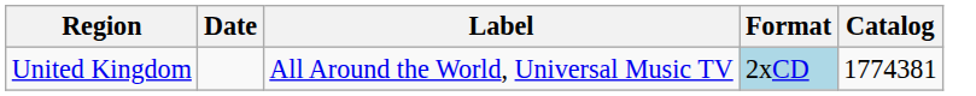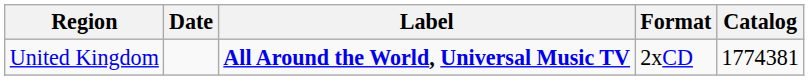 <table class="wikitable">
 <tr>
 <th><strong>Region</strong></th>
 <th><strong>Date</strong></th>
 <th><strong>Label</strong></th>
 <th><strong>Format</strong></th>
 <th><strong>Catalog</strong></th>
 </tr>
 <tr>
 <td><a href='#'>United Kingdom</a></td>
 <td></td>
-<td><a href='#'>All Around the World</a>, <a href='#'>Universal Music TV</a></td>
-<td style="background: lightblue;">2x<a href='#'>CD</a></td>
+<td><strong><a href='#'>All Around the World</a>, <a href='#'>Universal Music TV</a></strong></td>
+<td>2x<a href='#'>CD</a></td>
 <td>1774381</td>
 </tr>
 </table>
